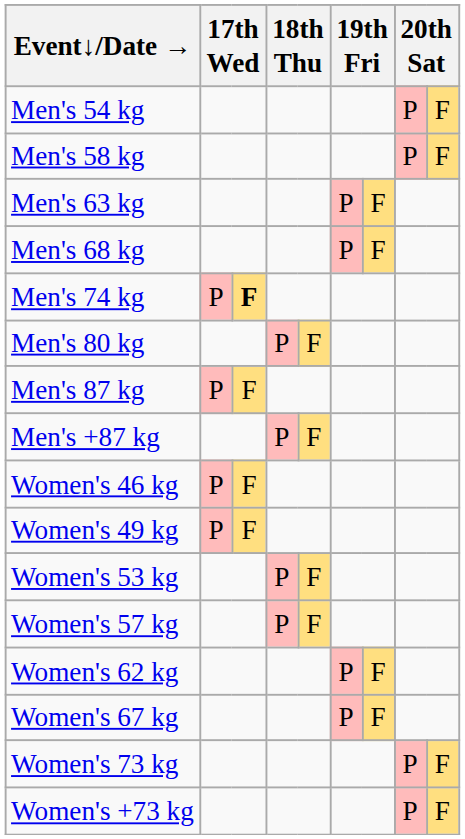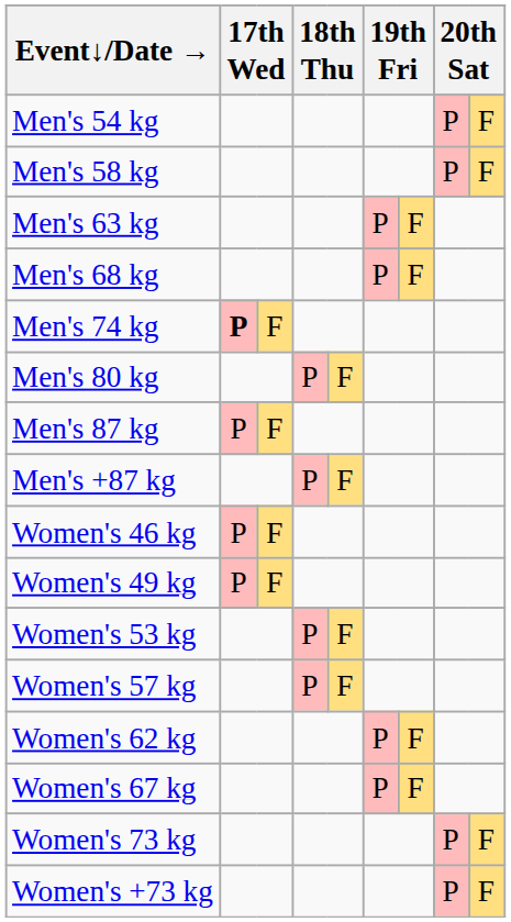 <table class="wikitable" style="margin:0.5em auto; font-size:90%; line-height:1.25em; text-align:center;">
 <tr>
 <th>Event↓/Date →</th>
 <th colspan=2>17th<br>Wed</th>
 <th colspan=2>18th<br>Thu</th>
 <th colspan=2>19th<br>Fri</th>
 <th colspan=2>20th<br>Sat</th>
 </tr>
 <tr>
 <td align="left"><a href='#'>Men's 54 kg</a></td>
 <td colspan=2></td>
 <td colspan=2></td>
 <td colspan=2></td>
 <td bgcolor="#FFBBBB">P</td>
 <td bgcolor="#FFDF80">F</td>
 </tr>
 <tr>
 <td align="left"><a href='#'>Men's 58 kg</a></td>
 <td colspan=2></td>
 <td colspan=2></td>
 <td colspan=2></td>
 <td bgcolor="#FFBBBB">P</td>
 <td bgcolor="#FFDF80">F</td>
 </tr>
 <tr>
 <td align="left"><a href='#'>Men's 63 kg</a></td>
 <td colspan=2></td>
 <td colspan=2></td>
 <td bgcolor="#FFBBBB">P</td>
 <td bgcolor="#FFDF80">F</td>
 <td colspan=2></td>
 </tr>
 <tr>
 <td align="left"><a href='#'>Men's 68 kg</a></td>
 <td colspan=2></td>
 <td colspan=2></td>
 <td bgcolor="#FFBBBB">P</td>
 <td bgcolor="#FFDF80">F</td>
 <td colspan=2></td>
 </tr>
 <tr>
 <td align="left"><a href='#'>Men's 74 kg</a></td>
-<td bgcolor="#FFBBBB">P</td>
-<td bgcolor="#FFDF80"><strong>F</strong></td>
+<td bgcolor="#FFBBBB"><strong>P</strong></td>
+<td bgcolor="#FFDF80">F</td>
 <td colspan=2></td>
 <td colspan=2></td>
 <td colspan=2></td>
 </tr>
 <tr>
 <td align="left"><a href='#'>Men's 80 kg</a></td>
 <td colspan=2></td>
 <td bgcolor="#FFBBBB">P</td>
 <td bgcolor="#FFDF80">F</td>
 <td colspan=2></td>
 <td colspan=2></td>
 </tr>
 <tr>
 <td align="left"><a href='#'>Men's 87 kg</a></td>
 <td bgcolor="#FFBBBB">P</td>
 <td bgcolor="#FFDF80">F</td>
 <td colspan=2></td>
 <td colspan=2></td>
 <td colspan=2></td>
 </tr>
 <tr>
 <td align="left"><a href='#'>Men's +87 kg</a></td>
 <td colspan=2></td>
 <td bgcolor="#FFBBBB">P</td>
 <td bgcolor="#FFDF80">F</td>
 <td colspan=2></td>
 <td colspan=2></td>
 </tr>
 <tr>
 <td align="left"><a href='#'>Women's 46 kg</a></td>
 <td bgcolor="#FFBBBB">P</td>
 <td bgcolor="#FFDF80">F</td>
 <td colspan=2></td>
 <td colspan=2></td>
 <td colspan=2></td>
 </tr>
 <tr>
 <td align="left"><a href='#'>Women's 49 kg</a></td>
 <td bgcolor="#FFBBBB">P</td>
 <td bgcolor="#FFDF80">F</td>
 <td colspan=2></td>
 <td colspan=2></td>
 <td colspan=2></td>
 </tr>
 <tr>
 <td align="left"><a href='#'>Women's 53 kg</a></td>
 <td colspan=2></td>
 <td bgcolor="#FFBBBB">P</td>
 <td bgcolor="#FFDF80">F</td>
 <td colspan=2></td>
 <td colspan=2></td>
 </tr>
 <tr>
 <td align="left"><a href='#'>Women's 57 kg</a></td>
 <td colspan=2></td>
 <td bgcolor="#FFBBBB">P</td>
 <td bgcolor="#FFDF80">F</td>
 <td colspan=2></td>
 <td colspan=2></td>
 </tr>
 <tr>
 <td align="left"><a href='#'>Women's 62 kg</a></td>
 <td colspan=2></td>
 <td colspan=2></td>
 <td bgcolor="#FFBBBB">P</td>
 <td bgcolor="#FFDF80">F</td>
 <td colspan=2></td>
 </tr>
 <tr>
 <td align="left"><a href='#'>Women's 67 kg</a></td>
 <td colspan=2></td>
 <td colspan=2></td>
 <td bgcolor="#FFBBBB">P</td>
 <td bgcolor="#FFDF80">F</td>
 <td colspan=2></td>
 </tr>
 <tr>
 <td align="left"><a href='#'>Women's 73 kg</a></td>
 <td colspan=2></td>
 <td colspan=2></td>
 <td colspan=2></td>
 <td bgcolor="#FFBBBB">P</td>
 <td bgcolor="#FFDF80">F</td>
 </tr>
 <tr>
 <td align="left"><a href='#'>Women's +73 kg</a></td>
 <td colspan=2></td>
 <td colspan=2></td>
 <td colspan=2></td>
 <td bgcolor="#FFBBBB">P</td>
 <td bgcolor="#FFDF80">F</td>
 </tr>
 </table>
